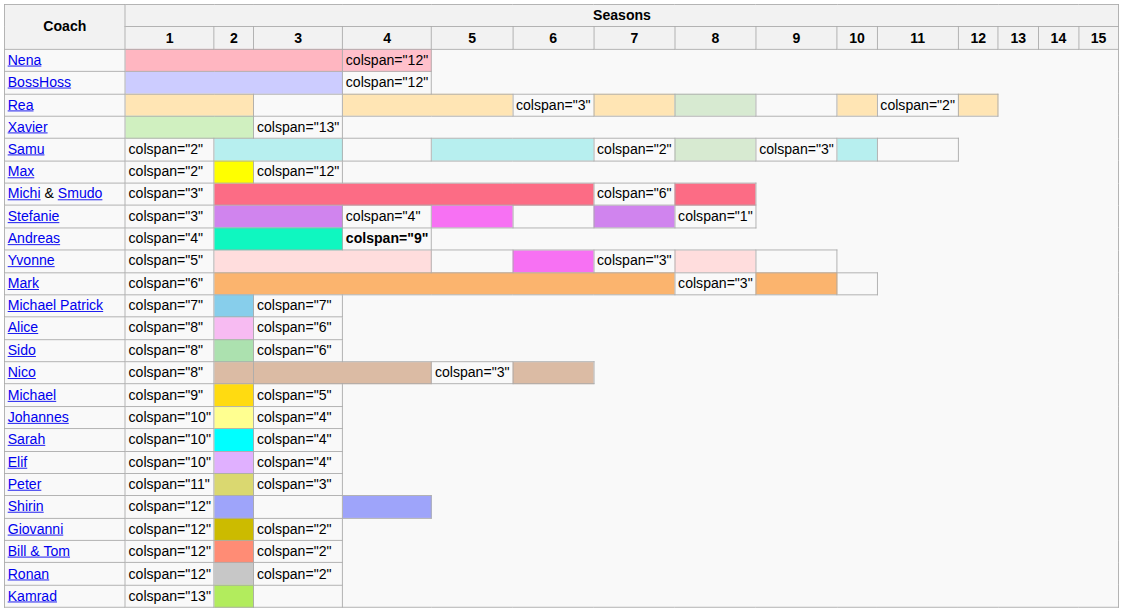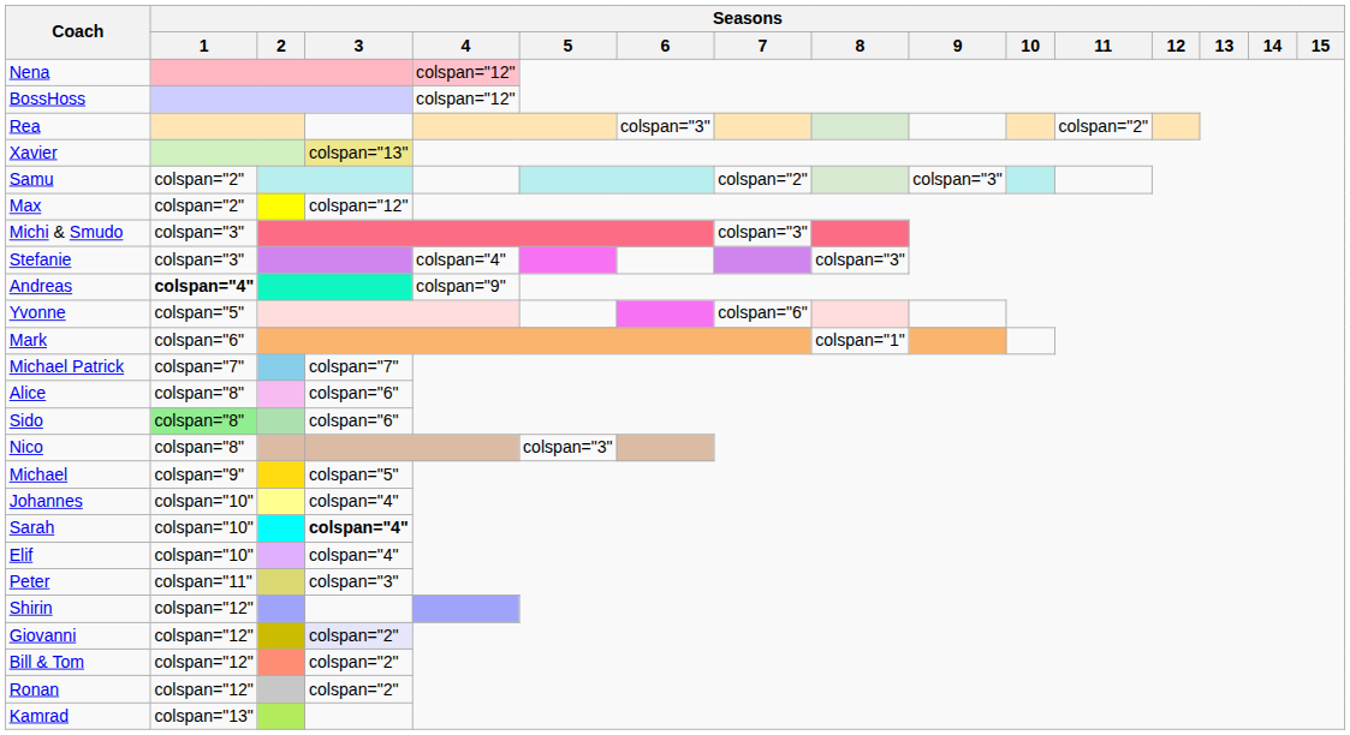 <table class="wikitable nowrap" width="80%">
 <tr>
 <th rowspan="2" width="135">Coach</th>
 <th colspan="15">Seasons</th>
 </tr>
 <tr>
 <th width="40">1</th>
 <th width="40">2</th>
 <th width="40">3</th>
 <th width="40">4</th>
 <th width="40">5</th>
 <th width="40">6</th>
 <th width="40">7</th>
 <th width="40">8</th>
 <th width="40">9</th>
 <th width="40">10</th>
 <th width="40">11</th>
 <th width="40">12</th>
 <th width="40">13</th>
 <th width="40">14</th>
 <th width="40">15</th>
 </tr>
 <tr>
 <td><a href='#'>Nena</a></td>
 <td colspan="3" style="background: lightpink"></td>
 <td style="background: pink;">colspan="12" </td>
 </tr>
 <tr>
 <td><a href='#'>BossHoss</a></td>
 <td colspan="3" style="background:#ccf"></td>
 <td>colspan="12" </td>
 </tr>
 <tr>
 <td><a href='#'>Rea</a> </td>
 <td colspan="2" style="background:#ffe5b4"></td>
 <td></td>
 <td colspan="2" style="background:#ffe5b4"></td>
 <td>colspan="3" </td>
 <td style="background:#ffe5b4"></td>
 <td style="background:#d7ead1"></td>
 <td></td>
 <td style="background:#ffe5b4"></td>
 <td>colspan="2" </td>
 <td style="background:#ffe5b4"></td>
 </tr>
 <tr>
 <td><a href='#'>Xavier</a></td>
 <td colspan="2" style="background:#d0f0c0"></td>
-<td>colspan="13" </td>
+<td style="background: khaki;">colspan="13" </td>
 </tr>
 <tr>
 <td><a href='#'>Samu</a> </td>
 <td>colspan="2" </td>
 <td colspan="2" style="background:#b7efef"></td>
 <td></td>
 <td colspan="2" style="background:#b7efef"></td>
 <td>colspan="2" </td>
 <td style="background:#d7ead1"></td>
 <td>colspan="3" </td>
 <td style="background:#b7efef"></td>
 <td></td>
 </tr>
 <tr>
 <td><a href='#'>Max</a></td>
 <td>colspan="2" </td>
 <td style="background: yellow"></td>
 <td>colspan="12" </td>
 </tr>
 <tr>
 <td><a href='#'>Michi</a> & <a href='#'>Smudo</a></td>
 <td>colspan="3" </td>
 <td colspan="5" style="background:#FC6C85"></td>
-<td>colspan="6" </td>
+<td>colspan="3" </td>
 <td style="background:#FC6C85"></td>
 </tr>
 <tr>
 <td><a href='#'>Stefanie</a> </td>
 <td>colspan="3" </td>
 <td colspan="2" style="background:#d084ee"></td>
 <td>colspan="4" </td>
 <td style="background:#f771f3"></td>
 <td></td>
 <td style="background:#d084ee"></td>
-<td>colspan="1" </td>
+<td>colspan="3" </td>
 </tr>
 <tr>
 <td><a href='#'>Andreas</a></td>
-<td>colspan="4" </td>
+<td><strong>colspan="4" </strong></td>
 <td colspan="2" style="background:#0ff7c0"></td>
-<td><strong>colspan="9" </strong></td>
+<td>colspan="9" </td>
 </tr>
 <tr>
 <td><a href='#'>Yvonne</a> </td>
 <td>colspan="5" </td>
 <td colspan="3" style="background:#ffdddd"></td>
 <td></td>
 <td style="background:#f771f3"></td>
-<td>colspan="3" </td>
+<td>colspan="6" </td>
 <td style="background:#ffdddd"></td>
 <td></td>
 </tr>
 <tr>
 <td><a href='#'>Mark</a></td>
 <td>colspan="6" </td>
 <td colspan="6" style="background:#fbb46e"></td>
-<td>colspan="3" </td>
+<td>colspan="1" </td>
 <td style="background:#fbb46e"></td>
 <td></td>
 </tr>
 <tr>
 <td><a href='#'>Michael Patrick</a></td>
 <td>colspan="7" </td>
 <td style="background:#87ceeb"></td>
 <td>colspan="7" </td>
 </tr>
 <tr>
 <td><a href='#'>Alice</a></td>
 <td>colspan="8" </td>
 <td style="background:#f7bbf2"></td>
 <td>colspan="6" </td>
 </tr>
 <tr>
 <td><a href='#'>Sido</a></td>
-<td>colspan="8" </td>
+<td style="background: lightgreen;">colspan="8" </td>
 <td style="background:#ace1af"></td>
 <td>colspan="6" </td>
 </tr>
 <tr>
 <td><a href='#'>Nico</a> </td>
 <td>colspan="8" </td>
 <td style="background:#dbbba4"></td>
 <td colspan="2" style="background:#dbbba4"></td>
 <td>colspan="3" </td>
 <td style="background:#dbbba4"></td>
 </tr>
 <tr>
 <td><a href='#'>Michael</a> </td>
 <td>colspan="9" </td>
 <td style="background:#ffdb11"></td>
 <td>colspan="5" </td>
 </tr>
 <tr>
 <td><a href='#'>Johannes</a></td>
 <td>colspan="10" </td>
 <td style="background:#ffff90"></td>
 <td>colspan="4" </td>
 </tr>
 <tr>
 <td><a href='#'>Sarah</a></td>
 <td>colspan="10" </td>
 <td style="background:#00ffff"></td>
-<td>colspan="4" </td>
+<td><strong>colspan="4" </strong></td>
 </tr>
 <tr>
 <td><a href='#'>Elif</a> </td>
 <td>colspan="10" </td>
 <td style="background:#E0B0FF"></td>
 <td>colspan="4" </td>
 </tr>
 <tr>
 <td><a href='#'>Peter</a></td>
 <td>colspan="11" </td>
 <td style="background:#DAD870"></td>
 <td>colspan="3" </td>
 </tr>
 <tr>
 <td><a href='#'>Shirin</a></td>
 <td>colspan="12" </td>
 <td colspan="1" style="background:#9ea4fa"></td>
 <td></td>
 <td style="background:#9ea4fa"></td>
 </tr>
 <tr>
 <td><a href='#'>Giovanni</a></td>
 <td>colspan="12" </td>
 <td colspan="1" style="background:#CCBB00"></td>
-<td>colspan="2" </td>
+<td style="background: lavender;">colspan="2" </td>
 </tr>
 <tr>
 <td><a href='#'>Bill & Tom</a></td>
 <td>colspan="12" </td>
 <td colspan="1" style="background:#ff8c75"></td>
 <td>colspan="2" </td>
 </tr>
 <tr>
 <td><a href='#'>Ronan</a></td>
 <td>colspan="12" </td>
 <td colspan="1" style="background:#c7c7c7"></td>
 <td>colspan="2" </td>
 </tr>
 <tr>
 <td><a href='#'>Kamrad</a></td>
 <td>colspan="13" </td>
 <td colspan="1" style="background:#B2EC5D"></td>
 <td></td>
 </tr>
 </table>
